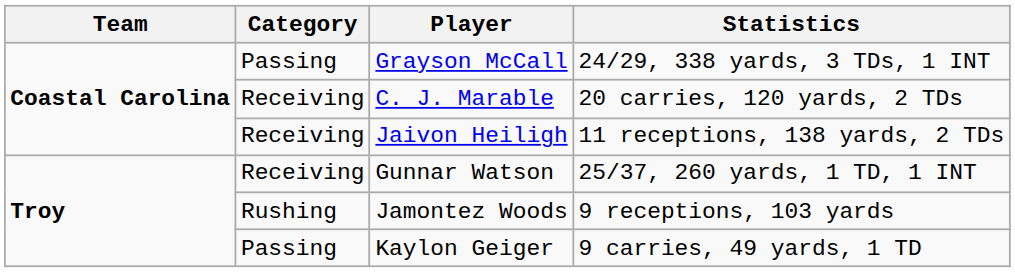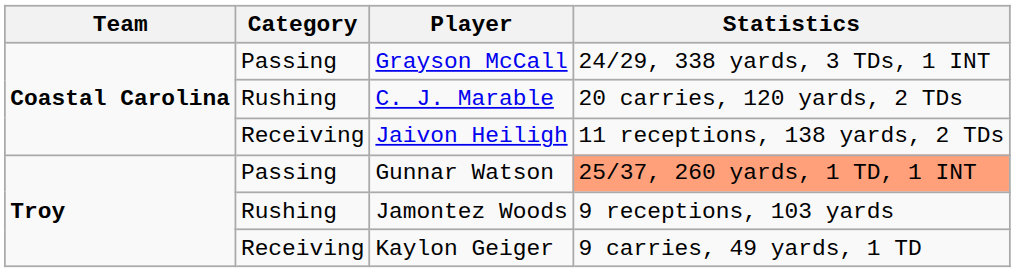 <table class="wikitable" style="float: left;">
 <tr>
 <th>Team</th>
 <th>Category</th>
 <th>Player</th>
 <th>Statistics</th>
 </tr>
 <tr>
 <td rowspan=3><strong>Coastal Carolina</strong></td>
 <td>Passing</td>
 <td><a href='#'>Grayson McCall</a></td>
 <td>24/29, 338 yards, 3 TDs, 1 INT</td>
 </tr>
 <tr>
-<td>Receiving</td>
+<td>Rushing</td>
 <td><a href='#'>C. J. Marable</a></td>
 <td>20 carries, 120 yards, 2 TDs</td>
 </tr>
 <tr>
 <td>Receiving</td>
 <td><a href='#'>Jaivon Heiligh</a></td>
 <td>11 receptions, 138 yards, 2 TDs</td>
 </tr>
 <tr>
 <td rowspan=3><strong>Troy</strong></td>
-<td>Receiving</td>
+<td>Passing</td>
 <td>Gunnar Watson</td>
-<td>25/37, 260 yards, 1 TD, 1 INT</td>
+<td style="background: lightsalmon;">25/37, 260 yards, 1 TD, 1 INT</td>
 </tr>
 <tr>
 <td>Rushing</td>
 <td>Jamontez Woods</td>
 <td>9 receptions, 103 yards</td>
 </tr>
 <tr>
-<td>Passing</td>
+<td>Receiving</td>
 <td>Kaylon Geiger</td>
 <td>9 carries, 49 yards, 1 TD</td>
 </tr>
 </table>
